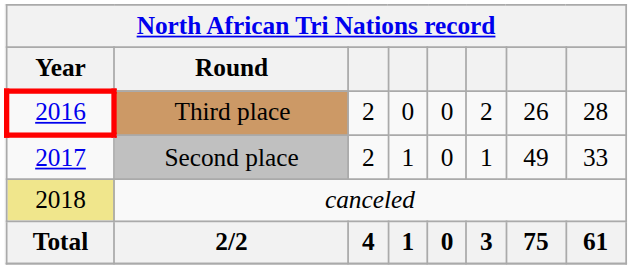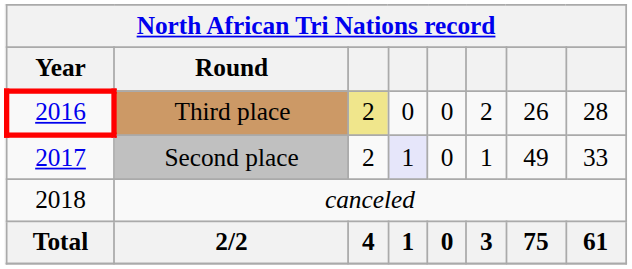 <table class="wikitable" style="font-size:90%; width: 40%; text-align: center;">
 <tr>
 <th colspan=8><a href='#'>North African Tri Nations record</a></th>
 </tr>
 <tr>
 <th>Year</th>
 <th>Round</th>
 <th></th>
 <th></th>
 <th></th>
 <th></th>
 <th></th>
 <th></th>
 </tr>
 <tr>
 <td style="border: 3px solid red"> <a href='#'>2016</a></td>
 <td bgcolor=#c96>Third place</td>
-<td>2</td>
+<td style="background: khaki;">2</td>
 <td>0</td>
 <td>0</td>
 <td>2</td>
 <td>26</td>
 <td>28</td>
 </tr>
 <tr>
 <td> <a href='#'>2017</a></td>
 <td bgcolor=silver>Second place</td>
 <td>2</td>
-<td>1</td>
+<td style="background: lavender;">1</td>
 <td>0</td>
 <td>1</td>
 <td>49</td>
 <td>33</td>
 </tr>
 <tr>
-<td style="background: khaki;"> 2018</td>
+<td> 2018</td>
 <td colspan=8><em>canceled</em></td>
 </tr>
 <tr>
 <th>Total</th>
 <th>2/2</th>
 <th>4</th>
 <th>1</th>
 <th>0</th>
 <th>3</th>
 <th>75</th>
 <th>61</th>
 </tr>
 <tr>
 </tr>
 </table>
